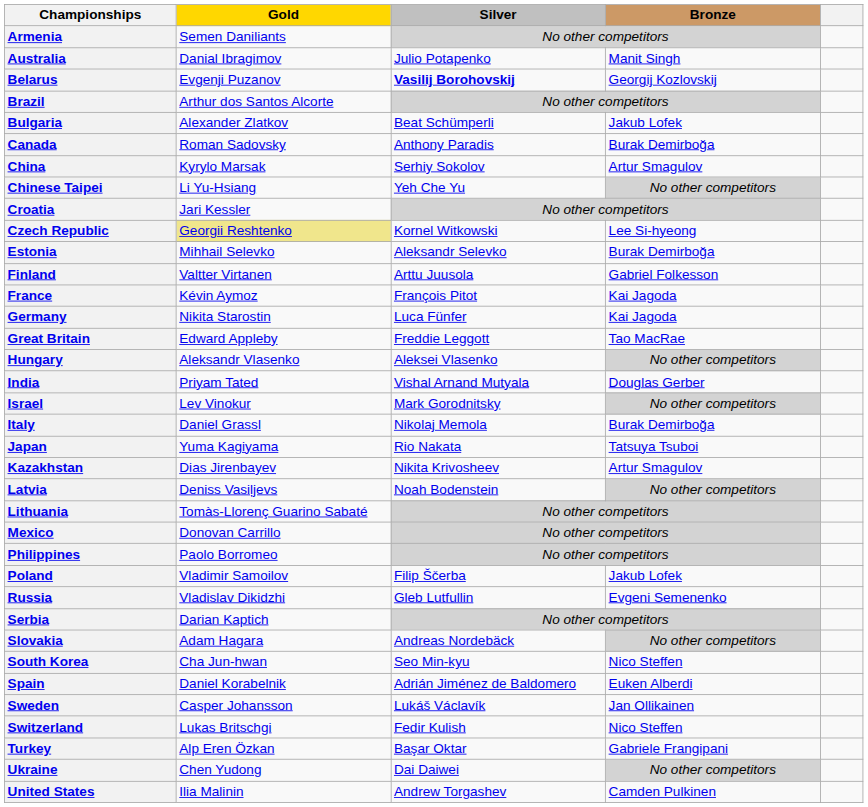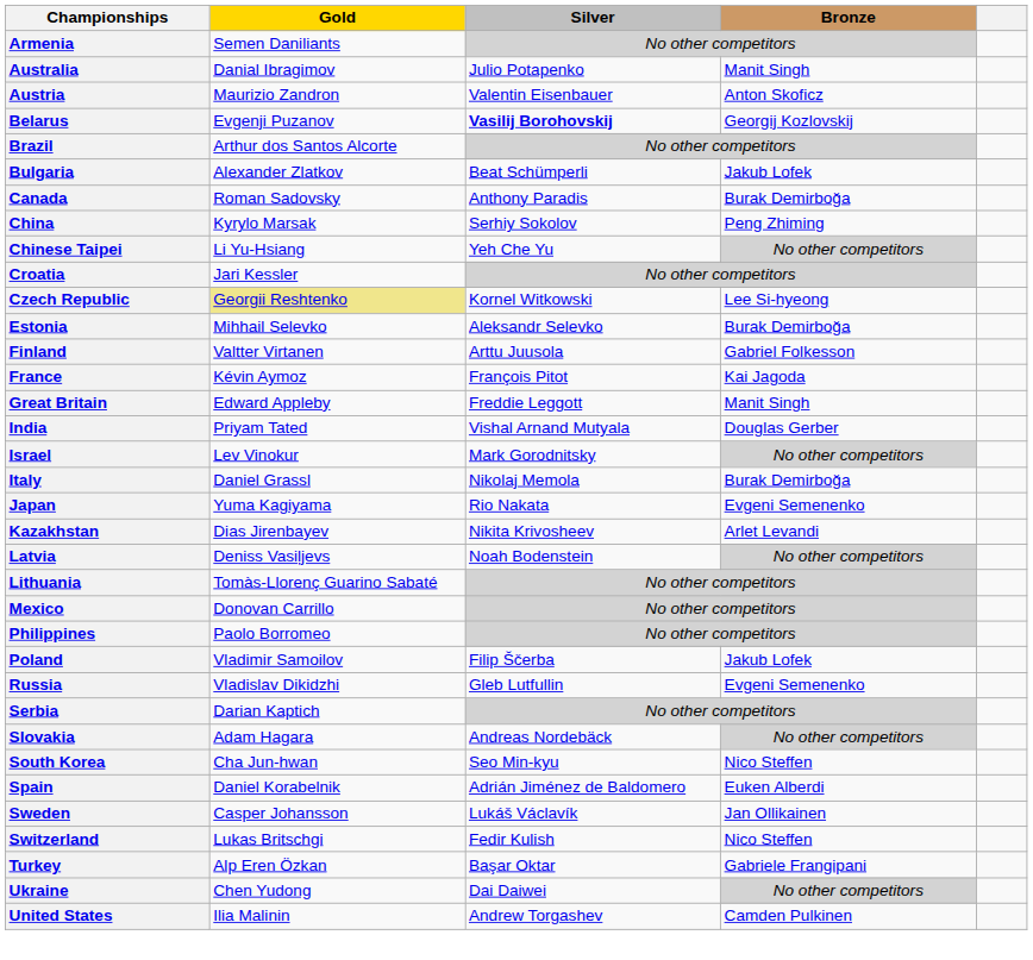 <table class="wikitable unsortable" style="text-align:left; width:80%;">
 <tr>
 <th scope="col" style="text-align:center; width:20%;">Championships</th>
 <td scope="col" style="text-align:center; width:25%; background:gold"><strong>Gold</strong></td>
 <td scope="col" style="text-align:center; width:25%; background:silver"><strong>Silver</strong></td>
 <td scope="col" style="text-align:center; width:25%; background:#c96"><strong>Bronze</strong></td>
 <th scope="col" style="text-align:center; width:5%;"></th>
 </tr>
 <tr>
 <th scope="row" style="text-align:left"> <a href='#'>Armenia</a></th>
 <td><a href='#'>Semen Daniliants</a></td>
 <td colspan=2 align="center" bgcolor="lightgray"><em>No other competitors</em></td>
 <td></td>
 </tr>
 <tr>
 <th scope="row" style="text-align:left"> <a href='#'>Australia</a></th>
 <td><a href='#'>Danial Ibragimov</a></td>
 <td><a href='#'>Julio Potapenko</a></td>
 <td><a href='#'>Manit Singh</a></td>
+<td></td>
+</tr>
+<tr>
+<th scope="row" style="text-align:left"> <a href='#'>Austria</a></th>
+<td><a href='#'>Maurizio Zandron</a></td>
+<td><a href='#'>Valentin Eisenbauer</a></td>
+<td><a href='#'>Anton Skoficz</a></td>
 <td></td>
 </tr>
 <tr>
 <th scope="row" style="text-align:left"> <a href='#'>Belarus</a></th>
 <td><a href='#'>Evgenji Puzanov</a></td>
 <td><strong><a href='#'>Vasilij Borohovskij</a></strong></td>
 <td><a href='#'>Georgij Kozlovskij</a></td>
 <td></td>
 </tr>
 <tr>
 <th scope="row" style="text-align:left"> <a href='#'>Brazil</a></th>
 <td><a href='#'>Arthur dos Santos Alcorte</a></td>
 <td colspan=2 align="center" bgcolor="lightgray"><em>No other competitors</em></td>
 <td></td>
 </tr>
 <tr>
 <th scope="row" style="text-align:left"> <a href='#'>Bulgaria</a></th>
 <td><a href='#'>Alexander Zlatkov</a></td>
 <td><a href='#'>Beat Schümperli</a></td>
 <td><a href='#'>Jakub Lofek</a></td>
 <td></td>
 </tr>
 <tr>
 <th scope="row" style="text-align:left"> <a href='#'>Canada</a></th>
 <td><a href='#'>Roman Sadovsky</a></td>
 <td><a href='#'>Anthony Paradis</a></td>
 <td><a href='#'>Burak Demirboğa</a></td>
 <td></td>
 </tr>
 <tr>
 <th scope="row" style="text-align:left"> <a href='#'>China</a></th>
 <td><a href='#'>Kyrylo Marsak</a></td>
 <td><a href='#'>Serhiy Sokolov</a></td>
-<td><a href='#'>Artur Smagulov</a></td>
+<td><a href='#'>Peng Zhiming</a></td>
 <td></td>
 </tr>
 <tr>
 <th scope="row" style="text-align:left"> <a href='#'>Chinese Taipei</a></th>
 <td><a href='#'>Li Yu-Hsiang</a></td>
 <td><a href='#'>Yeh Che Yu</a></td>
 <td align="center" bgcolor="lightgray"><em>No other competitors</em></td>
 <td></td>
 </tr>
 <tr>
 <th scope="row" style="text-align:left"> <a href='#'>Croatia</a></th>
 <td><a href='#'>Jari Kessler</a></td>
 <td colspan=2 align="center" bgcolor="lightgray"><em>No other competitors</em></td>
 <td></td>
 </tr>
 <tr>
 <th scope="row" style="text-align:left"> <a href='#'>Czech Republic</a></th>
 <td style="background: khaki;"><a href='#'>Georgii Reshtenko</a></td>
 <td><a href='#'>Kornel Witkowski</a></td>
 <td><a href='#'>Lee Si-hyeong</a></td>
 <td></td>
 </tr>
 <tr>
 <th scope="row" style="text-align:left"> <a href='#'>Estonia</a></th>
 <td><a href='#'>Mihhail Selevko</a></td>
 <td><a href='#'>Aleksandr Selevko</a></td>
 <td><a href='#'>Burak Demirboğa</a></td>
 <td></td>
 </tr>
 <tr>
 <th scope="row" style="text-align:left"> <a href='#'>Finland</a></th>
 <td><a href='#'>Valtter Virtanen</a></td>
 <td><a href='#'>Arttu Juusola</a></td>
 <td><a href='#'>Gabriel Folkesson</a></td>
 <td></td>
 </tr>
 <tr>
 <th scope="row" style="text-align:left"> <a href='#'>France</a></th>
 <td><a href='#'>Kévin Aymoz</a></td>
 <td><a href='#'>François Pitot</a></td>
 <td><a href='#'>Kai Jagoda</a></td>
 <td></td>
 </tr>
 <tr>
-<th scope="row" style="text-align:left"> <a href='#'>Germany</a></th>
-<td><a href='#'>Nikita Starostin</a></td>
-<td><a href='#'>Luca Fünfer</a></td>
-<td><a href='#'>Kai Jagoda</a></td>
-<td></td>
-</tr>
-<tr>
 <th scope="row" style="text-align:left"> <a href='#'>Great Britain</a></th>
 <td><a href='#'>Edward Appleby</a></td>
 <td><a href='#'>Freddie Leggott</a></td>
-<td><a href='#'>Tao MacRae</a></td>
-<td></td>
-</tr>
-<tr>
-<th scope="row" style="text-align:left"> <a href='#'>Hungary</a></th>
-<td><a href='#'>Aleksandr Vlasenko</a></td>
-<td><a href='#'>Aleksei Vlasenko</a></td>
-<td align="center" bgcolor="lightgray"><em>No other competitors</em></td>
+<td><a href='#'>Manit Singh</a></td>
 <td></td>
 </tr>
 <tr>
 <th scope="row" style="text-align:left"> <a href='#'>India</a></th>
 <td><a href='#'>Priyam Tated</a></td>
 <td><a href='#'>Vishal Arnand Mutyala</a></td>
 <td><a href='#'>Douglas Gerber</a></td>
 <td></td>
 </tr>
 <tr>
 <th scope="row" style="text-align:left"> <a href='#'>Israel</a></th>
 <td><a href='#'>Lev Vinokur</a></td>
 <td><a href='#'>Mark Gorodnitsky</a></td>
 <td align="center" bgcolor="lightgray"><em>No other competitors</em></td>
 <td></td>
 </tr>
 <tr>
 <th scope="row" style="text-align:left"> <a href='#'>Italy</a></th>
 <td><a href='#'>Daniel Grassl</a></td>
 <td><a href='#'>Nikolaj Memola</a></td>
 <td><a href='#'>Burak Demirboğa</a></td>
 <td></td>
 </tr>
 <tr>
 <th scope="row" style="text-align:left"> <a href='#'>Japan</a></th>
 <td><a href='#'>Yuma Kagiyama</a></td>
 <td><a href='#'>Rio Nakata</a></td>
-<td><a href='#'>Tatsuya Tsuboi</a></td>
+<td><a href='#'>Evgeni Semenenko</a></td>
 <td></td>
 </tr>
 <tr>
 <th scope="row" style="text-align:left"> <a href='#'>Kazakhstan</a></th>
 <td><a href='#'>Dias Jirenbayev</a></td>
 <td><a href='#'>Nikita Krivosheev</a></td>
-<td><a href='#'>Artur Smagulov</a></td>
+<td><a href='#'>Arlet Levandi</a></td>
 <td></td>
 </tr>
 <tr>
 <th scope="row" style="text-align:left"> <a href='#'>Latvia</a></th>
 <td><a href='#'>Deniss Vasiļjevs</a></td>
 <td><a href='#'>Noah Bodenstein</a></td>
 <td align="center" bgcolor="lightgray"><em>No other competitors</em></td>
 <td></td>
 </tr>
 <tr>
 <th scope="row" style="text-align:left"> <a href='#'>Lithuania</a></th>
 <td><a href='#'>Tomàs-Llorenç Guarino Sabaté</a></td>
 <td colspan=2 align="center" bgcolor="lightgray"><em>No other competitors</em></td>
 <td></td>
 </tr>
 <tr>
 <th scope="row" style="text-align:left"> <a href='#'>Mexico</a></th>
 <td><a href='#'>Donovan Carrillo</a></td>
 <td colspan=2 align="center" bgcolor="lightgray"><em>No other competitors</em></td>
 <td></td>
 </tr>
 <tr>
 <th scope="row" style="text-align:left"> <a href='#'>Philippines</a></th>
 <td><a href='#'>Paolo Borromeo</a></td>
 <td colspan=2 align="center" bgcolor="lightgray"><em>No other competitors</em></td>
 <td></td>
 </tr>
 <tr>
 <th scope="row" style="text-align:left"> <a href='#'>Poland</a></th>
 <td><a href='#'>Vladimir Samoilov</a></td>
 <td><a href='#'>Filip Ščerba</a></td>
 <td><a href='#'>Jakub Lofek</a></td>
 <td></td>
 </tr>
 <tr>
 <th scope="row" style="text-align:left"> <a href='#'>Russia</a></th>
 <td><a href='#'>Vladislav Dikidzhi</a></td>
 <td><a href='#'>Gleb Lutfullin</a></td>
 <td><a href='#'>Evgeni Semenenko</a></td>
 <td></td>
 </tr>
 <tr>
 <th scope="row" style="text-align:left"> <a href='#'>Serbia</a></th>
 <td><a href='#'>Darian Kaptich</a></td>
 <td colspan=2 align="center" bgcolor="lightgray"><em>No other competitors</em></td>
 <td></td>
 </tr>
 <tr>
 <th scope="row" style="text-align:left"> <a href='#'>Slovakia</a></th>
 <td><a href='#'>Adam Hagara</a></td>
 <td><a href='#'>Andreas Nordebäck</a></td>
 <td align="center" bgcolor="lightgray"><em>No other competitors</em></td>
 <td></td>
 </tr>
 <tr>
 <th scope="row" style="text-align:left"> <a href='#'>South Korea</a></th>
 <td><a href='#'>Cha Jun-hwan</a></td>
 <td><a href='#'>Seo Min-kyu</a></td>
 <td><a href='#'>Nico Steffen</a></td>
 <td></td>
 </tr>
 <tr>
 <th scope="row" style="text-align:left"> <a href='#'>Spain</a></th>
 <td><a href='#'>Daniel Korabelnik</a></td>
 <td><a href='#'>Adrián Jiménez de Baldomero</a></td>
 <td><a href='#'>Euken Alberdi</a></td>
 <td></td>
 </tr>
 <tr>
 <th scope="row" style="text-align:left"> <a href='#'>Sweden</a></th>
 <td><a href='#'>Casper Johansson</a></td>
 <td><a href='#'>Lukáš Václavík</a></td>
 <td><a href='#'>Jan Ollikainen</a></td>
 <td></td>
 </tr>
 <tr>
 <th scope="row" style="text-align:left"> <a href='#'>Switzerland</a></th>
 <td><a href='#'>Lukas Britschgi</a></td>
 <td><a href='#'>Fedir Kulish</a></td>
 <td><a href='#'>Nico Steffen</a></td>
 <td></td>
 </tr>
 <tr>
 <th scope="row" style="text-align:left"> <a href='#'>Turkey</a></th>
 <td><a href='#'>Alp Eren Özkan</a></td>
 <td><a href='#'>Başar Oktar</a></td>
 <td><a href='#'>Gabriele Frangipani</a></td>
 <td></td>
 </tr>
 <tr>
 <th scope="row" style="text-align:left"> <a href='#'>Ukraine</a></th>
 <td><a href='#'>Chen Yudong</a></td>
 <td><a href='#'>Dai Daiwei</a></td>
 <td align="center" bgcolor="lightgray"><em>No other competitors</em></td>
 <td></td>
 </tr>
 <tr>
 <th scope="row" style="text-align:left"> <a href='#'>United States</a></th>
 <td><a href='#'>Ilia Malinin</a></td>
 <td><a href='#'>Andrew Torgashev</a></td>
 <td><a href='#'>Camden Pulkinen</a></td>
 <td></td>
 </tr>
 </table>
